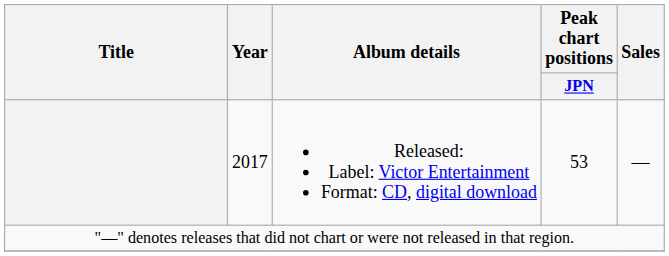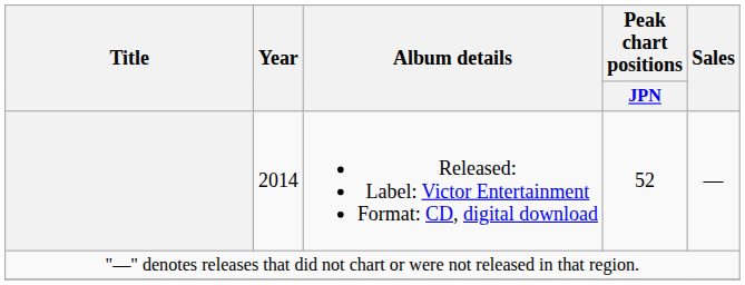 <table class="wikitable plainrowheaders" style="text-align:center;">
 <tr>
 <th scope="col" rowspan="2" style="width:12em;">Title</th>
 <th scope="col" rowspan="2">Year</th>
 <th scope="col" rowspan="2">Album details</th>
 <th scope="col" colspan="1">Peak chart positions</th>
 <th scope="col" rowspan="2">Sales</th>
 </tr>
 <tr>
 <th scope="col" style="width:3em;font-size:90%;"><a href='#'>JPN</a><br></th>
 </tr>
 <tr>
 <th scope="row"></th>
-<td>2017</td>
+<td>2014</td>
 <td><br><ul><li>Released: </li><li>Label: <a href='#'>Victor Entertainment</a></li><li>Format: <a href='#'>CD</a>, <a href='#'>digital download</a></li></ul></td>
-<td>53</td>
+<td>52</td>
 <td>—</td>
 </tr>
 <tr>
 <td colspan="5" style="font-size:90%;">"—" denotes releases that did not chart or were not released in that region.</td>
 </tr>
 <tr>
 </tr>
 </table>
